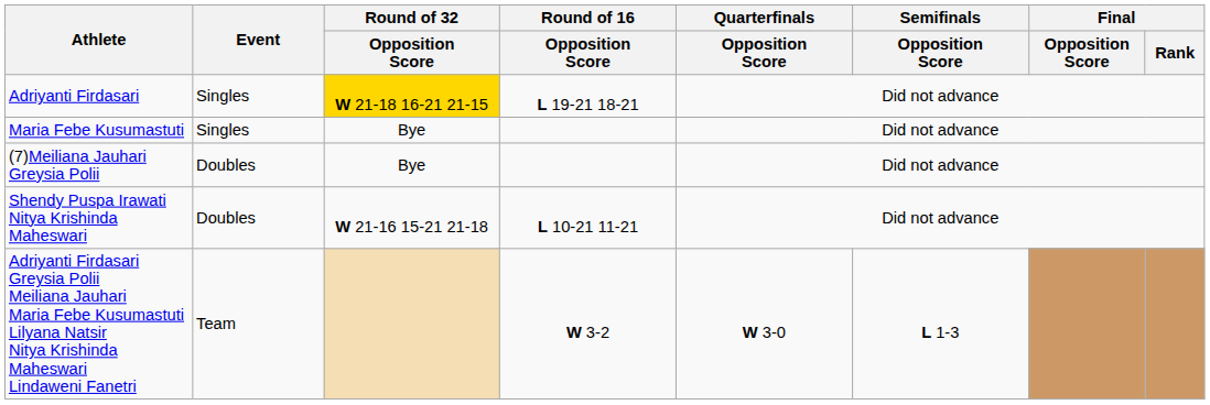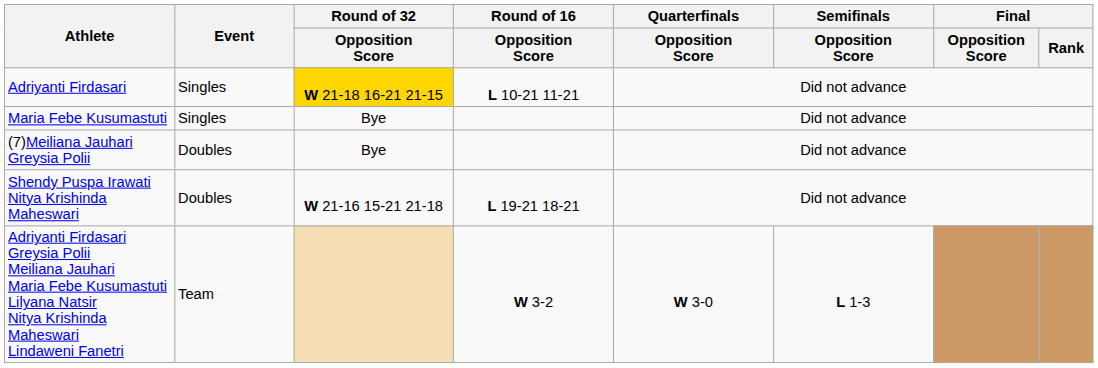 <table class=wikitable style="font-size:90%; text-align:center">
 <tr>
 <th width="160" rowspan="2">Athlete</th>
 <th width="110" rowspan="2">Event</th>
 <th width="150">Round of 32</th>
 <th width="150">Round of 16</th>
 <th width="150">Quarterfinals</th>
 <th width="150">Semifinals</th>
 <th width="150" colspan="2">Final</th>
 </tr>
 <tr>
 <th>Opposition<br>Score</th>
 <th>Opposition<br>Score</th>
 <th>Opposition<br>Score</th>
 <th>Opposition<br>Score</th>
 <th>Opposition<br>Score</th>
 <th>Rank</th>
 </tr>
 <tr>
 <td align=left><a href='#'>Adriyanti Firdasari</a></td>
 <td align=left>Singles</td>
 <td style="background: gold;"> <br> <strong>W</strong> 21-18 16-21 21-15</td>
-<td> <br> <strong>L</strong> 19-21 18-21</td>
+<td> <br> <strong>L</strong> 10-21 11-21</td>
 <td colspan="4" align="center">Did not advance</td>
 </tr>
 <tr>
 <td align=left><a href='#'>Maria Febe Kusumastuti</a></td>
 <td align=left>Singles</td>
 <td>Bye</td>
 <td></td>
 <td colspan="4" align="center">Did not advance</td>
 </tr>
 <tr>
 <td align=left>(7)<a href='#'>Meiliana Jauhari</a> <br> <a href='#'>Greysia Polii</a></td>
 <td align=left>Doubles</td>
 <td>Bye</td>
 <td></td>
 <td colspan="4" align="center">Did not advance</td>
 </tr>
 <tr>
 <td align=left><a href='#'>Shendy Puspa Irawati</a> <br> <a href='#'>Nitya Krishinda Maheswari</a></td>
 <td align=left>Doubles</td>
 <td> <br> <strong>W</strong> 21-16 15-21 21-18</td>
-<td> <br> <strong>L</strong> 10-21 11-21</td>
+<td> <br> <strong>L</strong> 19-21 18-21</td>
 <td colspan="4" align="center">Did not advance</td>
 </tr>
 <tr>
 <td align=left><a href='#'>Adriyanti Firdasari</a><br><a href='#'>Greysia Polii</a><br><a href='#'>Meiliana Jauhari</a> <br> <a href='#'>Maria Febe Kusumastuti</a><br><a href='#'>Lilyana Natsir</a> <br> <a href='#'>Nitya Krishinda Maheswari</a> <br> <a href='#'>Lindaweni Fanetri</a></td>
 <td align=left>Team</td>
 <td bgcolor=wheat></td>
 <td> <br><strong>W</strong> 3-2</td>
 <td> <br><strong>W</strong> 3-0</td>
 <td> <br><strong>L</strong> 1-3</td>
 <td bgcolor=cc9966></td>
 <td bgcolor=cc9966></td>
 </tr>
 </table>
